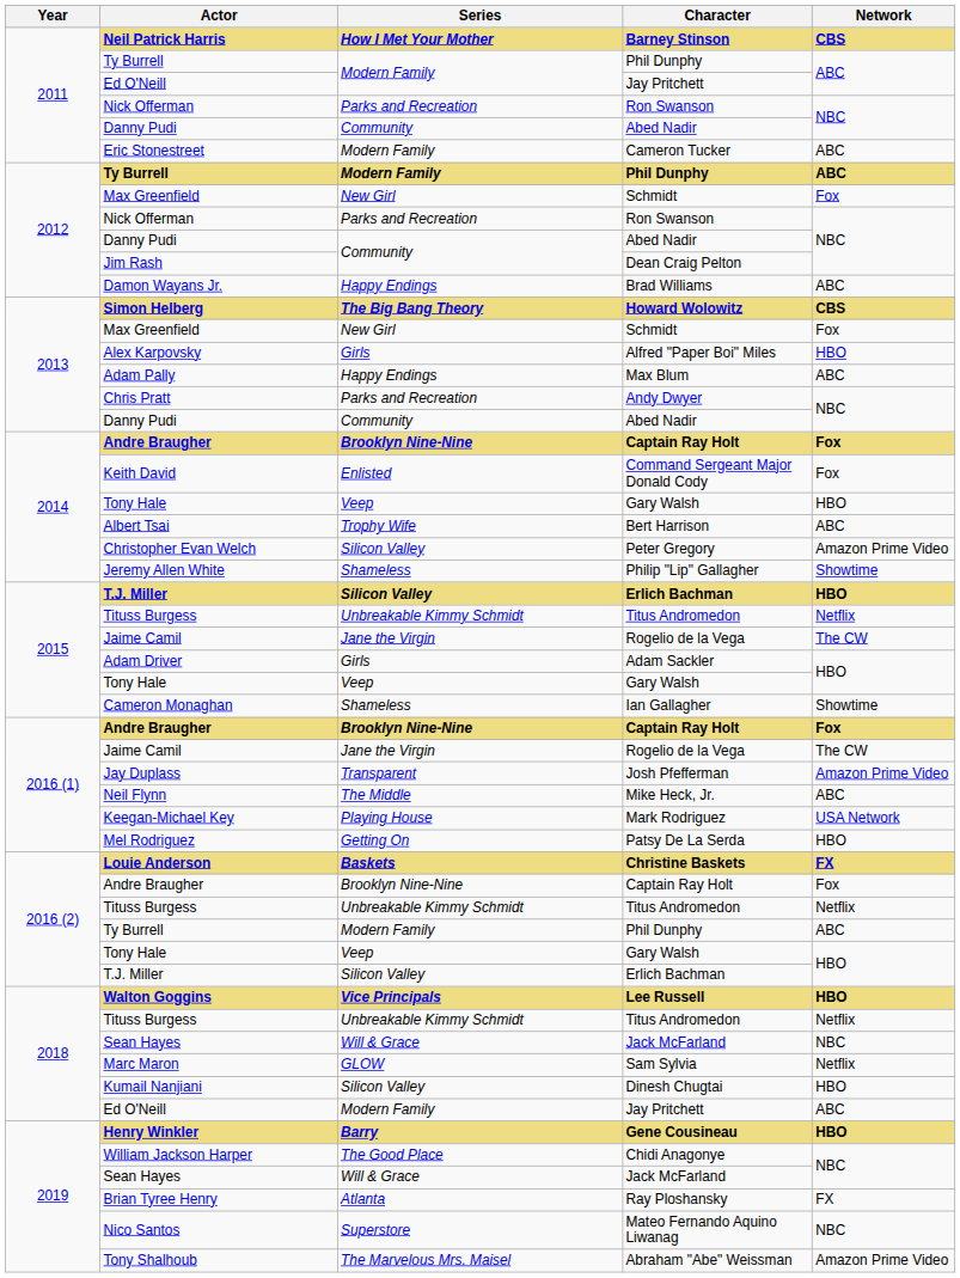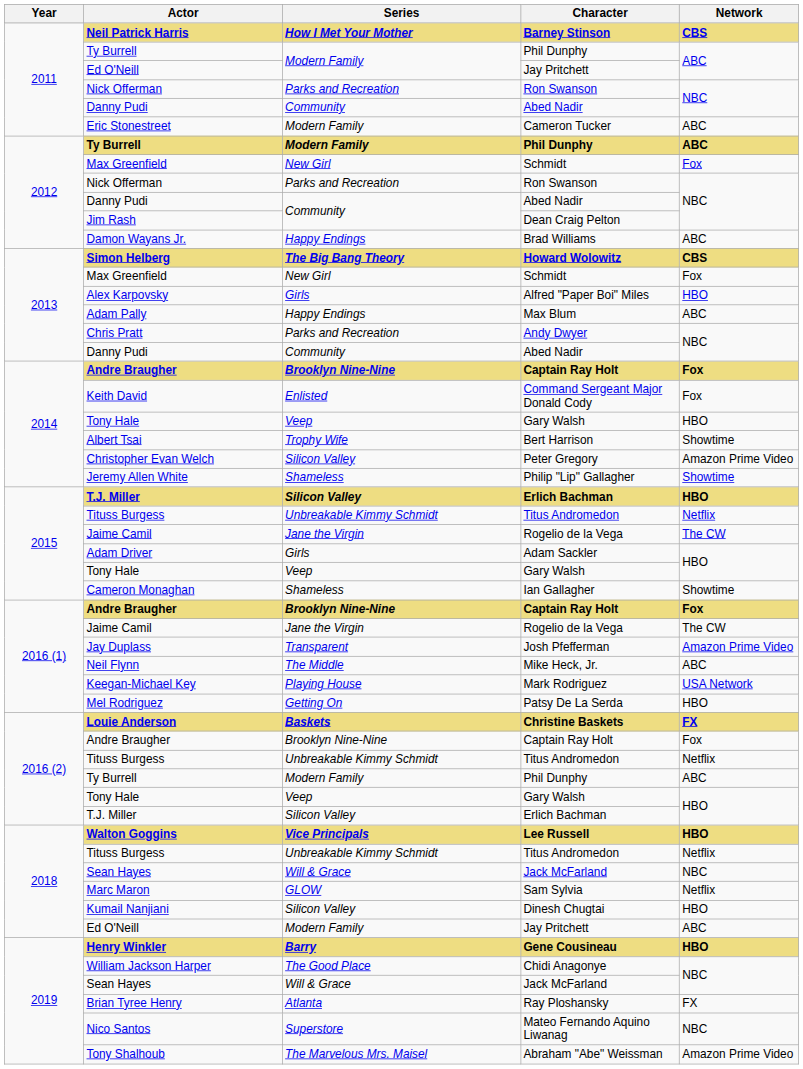 <table class="wikitable" style="width:85%">
 <tr style="background:#bebebe;">
 <th style="width:10%;">Year</th>
 <th style="wodth:25%;">Actor</th>
 <th style="width:30%;">Series</th>
 <th style="width:20%;">Character</th>
 <th style="width:15%;">Network</th>
 </tr>
 <tr>
 <td rowspan="6" style="text-align:center;"><a href='#'>2011</a><br></td>
 <td style="background:#EEDD82;"><strong><a href='#'>Neil Patrick Harris</a></strong></td>
 <td style="background:#EEDD82;"><strong><em><a href='#'>How I Met Your Mother</a></em></strong></td>
 <td style="background:#EEDD82;"><strong><a href='#'>Barney Stinson</a></strong></td>
 <td style="background:#EEDD82;"><strong><a href='#'>CBS</a></strong></td>
 </tr>
 <tr>
 <td><a href='#'>Ty Burrell</a></td>
 <td rowspan="2"><em><a href='#'>Modern Family</a></em></td>
 <td>Phil Dunphy</td>
 <td rowspan="2"><a href='#'>ABC</a></td>
 </tr>
 <tr>
 <td><a href='#'>Ed O'Neill</a></td>
 <td>Jay Pritchett</td>
 </tr>
 <tr>
 <td><a href='#'>Nick Offerman</a></td>
 <td><em><a href='#'>Parks and Recreation</a></em></td>
 <td><a href='#'>Ron Swanson</a></td>
 <td rowspan="2"><a href='#'>NBC</a></td>
 </tr>
 <tr>
 <td><a href='#'>Danny Pudi</a></td>
 <td><em><a href='#'>Community</a></em></td>
 <td><a href='#'>Abed Nadir</a></td>
 </tr>
 <tr>
 <td><a href='#'>Eric Stonestreet</a></td>
 <td><em>Modern Family</em></td>
 <td>Cameron Tucker</td>
 <td>ABC</td>
 </tr>
 <tr>
 <td rowspan="6" style="text-align:center;"><a href='#'>2012</a><br></td>
 <td style="background:#EEDD82;"><strong>Ty Burrell</strong></td>
 <td style="background:#EEDD82;"><strong><em>Modern Family</em></strong></td>
 <td style="background:#EEDD82;"><strong>Phil Dunphy</strong></td>
 <td style="background:#EEDD82;"><strong>ABC</strong></td>
 </tr>
 <tr>
 <td><a href='#'>Max Greenfield</a></td>
 <td><em><a href='#'>New Girl</a></em></td>
 <td>Schmidt</td>
 <td><a href='#'>Fox</a></td>
 </tr>
 <tr>
 <td>Nick Offerman</td>
 <td><em>Parks and Recreation</em></td>
 <td>Ron Swanson</td>
 <td rowspan="3">NBC</td>
 </tr>
 <tr>
 <td>Danny Pudi</td>
 <td rowspan="2"><em>Community</em></td>
 <td>Abed Nadir</td>
 </tr>
 <tr>
 <td><a href='#'>Jim Rash</a></td>
 <td>Dean Craig Pelton</td>
 </tr>
 <tr>
 <td><a href='#'>Damon Wayans Jr.</a></td>
 <td><em><a href='#'>Happy Endings</a></em></td>
 <td>Brad Williams</td>
 <td>ABC</td>
 </tr>
 <tr>
 <td rowspan="6" style="text-align:center;"><a href='#'>2013</a><br></td>
 <td style="background:#EEDD82;"><strong><a href='#'>Simon Helberg</a></strong></td>
 <td style="background:#EEDD82;"><strong><em><a href='#'>The Big Bang Theory</a></em></strong></td>
 <td style="background:#EEDD82;"><strong><a href='#'>Howard Wolowitz</a></strong></td>
 <td style="background:#EEDD82;"><strong>CBS</strong></td>
 </tr>
 <tr>
 <td>Max Greenfield</td>
 <td><em>New Girl</em></td>
 <td>Schmidt</td>
 <td>Fox</td>
 </tr>
 <tr>
 <td><a href='#'>Alex Karpovsky</a></td>
 <td><em><a href='#'>Girls</a></em></td>
 <td>Alfred "Paper Boi" Miles</td>
 <td><a href='#'>HBO</a></td>
 </tr>
 <tr>
 <td><a href='#'>Adam Pally</a></td>
 <td><em>Happy Endings</em></td>
 <td>Max Blum</td>
 <td>ABC</td>
 </tr>
 <tr>
 <td><a href='#'>Chris Pratt</a></td>
 <td><em>Parks and Recreation</em></td>
 <td><a href='#'>Andy Dwyer</a></td>
 <td rowspan="2">NBC</td>
 </tr>
 <tr>
 <td>Danny Pudi</td>
 <td><em>Community</em></td>
 <td>Abed Nadir</td>
 </tr>
 <tr>
 <td rowspan="6" style="text-align:center;"><a href='#'>2014</a><br></td>
 <td style="background:#EEDD82;"><strong><a href='#'>Andre Braugher</a></strong></td>
 <td style="background:#EEDD82;"><strong><em><a href='#'>Brooklyn Nine-Nine</a></em></strong></td>
 <td style="background:#EEDD82;"><strong>Captain Ray Holt</strong></td>
 <td style="background:#EEDD82;"><strong>Fox</strong></td>
 </tr>
 <tr>
 <td><a href='#'>Keith David</a></td>
 <td><em><a href='#'>Enlisted</a></em></td>
 <td><a href='#'>Command Sergeant Major</a> Donald Cody</td>
 <td>Fox</td>
 </tr>
 <tr>
 <td><a href='#'>Tony Hale</a></td>
 <td><em><a href='#'>Veep</a></em></td>
 <td>Gary Walsh</td>
 <td>HBO</td>
 </tr>
 <tr>
 <td><a href='#'>Albert Tsai</a></td>
 <td><em><a href='#'>Trophy Wife</a></em></td>
 <td>Bert Harrison</td>
-<td>ABC</td>
+<td>Showtime</td>
 </tr>
 <tr>
 <td><a href='#'>Christopher Evan Welch</a></td>
 <td><em><a href='#'>Silicon Valley</a></em></td>
 <td>Peter Gregory</td>
 <td>Amazon Prime Video</td>
 </tr>
 <tr>
 <td><a href='#'>Jeremy Allen White</a></td>
 <td><em><a href='#'>Shameless</a></em></td>
 <td>Philip "Lip" Gallagher</td>
 <td><a href='#'>Showtime</a></td>
 </tr>
 <tr>
 <td rowspan="6" style="text-align:center;"><a href='#'>2015</a><br></td>
 <td style="background:#EEDD82;"><strong><a href='#'>T.J. Miller</a></strong></td>
 <td style="background:#EEDD82;"><strong><em>Silicon Valley</em></strong></td>
 <td style="background:#EEDD82;"><strong>Erlich Bachman</strong></td>
 <td style="background:#EEDD82;"><strong>HBO</strong></td>
 </tr>
 <tr>
 <td><a href='#'>Tituss Burgess</a></td>
 <td><em><a href='#'>Unbreakable Kimmy Schmidt</a></em></td>
 <td><a href='#'>Titus Andromedon</a></td>
 <td><a href='#'>Netflix</a></td>
 </tr>
 <tr>
 <td><a href='#'>Jaime Camil</a></td>
 <td><em><a href='#'>Jane the Virgin</a></em></td>
 <td>Rogelio de la Vega</td>
 <td><a href='#'>The CW</a></td>
 </tr>
 <tr>
 <td><a href='#'>Adam Driver</a></td>
 <td><em>Girls</em></td>
 <td>Adam Sackler</td>
 <td rowspan="2">HBO</td>
 </tr>
 <tr>
 <td>Tony Hale</td>
 <td><em>Veep</em></td>
 <td>Gary Walsh</td>
 </tr>
 <tr>
 <td><a href='#'>Cameron Monaghan</a></td>
 <td><em>Shameless</em></td>
 <td>Ian Gallagher</td>
 <td>Showtime</td>
 </tr>
 <tr>
 <td rowspan="6" style="text-align:center;"><a href='#'>2016 (1)</a><br></td>
 <td style="background:#EEDD82;"><strong>Andre Braugher</strong></td>
 <td style="background:#EEDD82;"><strong><em>Brooklyn Nine-Nine</em></strong></td>
 <td style="background:#EEDD82;"><strong>Captain Ray Holt</strong></td>
 <td style="background:#EEDD82;"><strong>Fox</strong></td>
 </tr>
 <tr>
 <td>Jaime Camil</td>
 <td><em>Jane the Virgin</em></td>
 <td>Rogelio de la Vega</td>
 <td>The CW</td>
 </tr>
 <tr>
 <td><a href='#'>Jay Duplass</a></td>
 <td><em><a href='#'>Transparent</a></em></td>
 <td>Josh Pfefferman</td>
 <td><a href='#'>Amazon Prime Video</a></td>
 </tr>
 <tr>
 <td><a href='#'>Neil Flynn</a></td>
 <td><em><a href='#'>The Middle</a></em></td>
 <td>Mike Heck, Jr.</td>
 <td>ABC</td>
 </tr>
 <tr>
 <td><a href='#'>Keegan-Michael Key</a></td>
 <td><em><a href='#'>Playing House</a></em></td>
 <td>Mark Rodriguez</td>
 <td><a href='#'>USA Network</a></td>
 </tr>
 <tr>
 <td><a href='#'>Mel Rodriguez</a></td>
 <td><em><a href='#'>Getting On</a></em></td>
 <td>Patsy De La Serda</td>
 <td>HBO</td>
 </tr>
 <tr>
 <td rowspan="6" style="text-align:center;"><a href='#'>2016 (2)</a><br></td>
 <td style="background:#EEDD82;"><strong><a href='#'>Louie Anderson</a></strong></td>
 <td style="background:#EEDD82;"><strong><em><a href='#'>Baskets</a></em></strong></td>
 <td style="background:#EEDD82;"><strong>Christine Baskets</strong></td>
 <td style="background:#EEDD82;"><strong><a href='#'>FX</a></strong></td>
 </tr>
 <tr>
 <td>Andre Braugher</td>
 <td><em>Brooklyn Nine-Nine</em></td>
 <td>Captain Ray Holt</td>
 <td>Fox</td>
 </tr>
 <tr>
 <td>Tituss Burgess</td>
 <td><em>Unbreakable Kimmy Schmidt</em></td>
 <td>Titus Andromedon</td>
 <td>Netflix</td>
 </tr>
 <tr>
 <td>Ty Burrell</td>
 <td><em>Modern Family</em></td>
 <td>Phil Dunphy</td>
 <td>ABC</td>
 </tr>
 <tr>
 <td>Tony Hale</td>
 <td><em>Veep</em></td>
 <td>Gary Walsh</td>
 <td rowspan="2">HBO</td>
 </tr>
 <tr>
 <td>T.J. Miller</td>
 <td><em>Silicon Valley</em></td>
 <td>Erlich Bachman</td>
 </tr>
 <tr>
 <td rowspan="6" style="text-align:center;"><a href='#'>2018</a><br></td>
 <td style="background:#EEDD82;"><strong><a href='#'>Walton Goggins</a></strong></td>
 <td style="background:#EEDD82;"><strong><em><a href='#'>Vice Principals</a></em></strong></td>
 <td style="background:#EEDD82;"><strong>Lee Russell</strong></td>
 <td style="background:#EEDD82;"><strong>HBO</strong></td>
 </tr>
 <tr>
 <td>Tituss Burgess</td>
 <td><em>Unbreakable Kimmy Schmidt</em></td>
 <td>Titus Andromedon</td>
 <td>Netflix</td>
 </tr>
 <tr>
 <td><a href='#'>Sean Hayes</a></td>
 <td><em><a href='#'>Will & Grace</a></em></td>
 <td><a href='#'>Jack McFarland</a></td>
 <td>NBC</td>
 </tr>
 <tr>
 <td><a href='#'>Marc Maron</a></td>
 <td><em><a href='#'>GLOW</a></em></td>
 <td>Sam Sylvia</td>
 <td>Netflix</td>
 </tr>
 <tr>
 <td><a href='#'>Kumail Nanjiani</a></td>
 <td><em>Silicon Valley</em></td>
 <td>Dinesh Chugtai</td>
 <td>HBO</td>
 </tr>
 <tr>
 <td>Ed O'Neill</td>
 <td><em>Modern Family</em></td>
 <td>Jay Pritchett</td>
 <td>ABC</td>
 </tr>
 <tr>
 <td rowspan="6" style="text-align:center;"><a href='#'>2019</a><br></td>
 <td style="background:#EEDD82;"><strong><a href='#'>Henry Winkler</a></strong></td>
 <td style="background:#EEDD82;"><strong><em><a href='#'>Barry</a></em></strong></td>
 <td style="background:#EEDD82;"><strong>Gene Cousineau</strong></td>
 <td style="background:#EEDD82;"><strong>HBO</strong></td>
 </tr>
 <tr>
 <td><a href='#'>William Jackson Harper</a></td>
 <td><em><a href='#'>The Good Place</a></em></td>
 <td>Chidi Anagonye</td>
 <td rowspan="2">NBC</td>
 </tr>
 <tr>
 <td>Sean Hayes</td>
 <td><em>Will & Grace</em></td>
 <td>Jack McFarland</td>
 </tr>
 <tr>
 <td><a href='#'>Brian Tyree Henry</a></td>
 <td><em><a href='#'>Atlanta</a></em></td>
 <td>Ray Ploshansky</td>
 <td>FX</td>
 </tr>
 <tr>
 <td><a href='#'>Nico Santos</a></td>
 <td><em><a href='#'>Superstore</a></em></td>
 <td>Mateo Fernando Aquino Liwanag</td>
 <td>NBC</td>
 </tr>
 <tr>
 <td><a href='#'>Tony Shalhoub</a></td>
 <td><em><a href='#'>The Marvelous Mrs. Maisel</a></em></td>
 <td>Abraham "Abe" Weissman</td>
 <td>Amazon Prime Video</td>
 </tr>
 </table>
